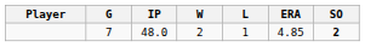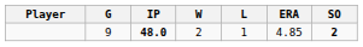 <table class="wikitable sortable">
 <tr>
 <th bgcolor="#DDDDFF" width="16%">Player</th>
 <th bgcolor="#DDDDFF" width="9%">G</th>
 <th bgcolor="#DDDDFF" width="9%">IP</th>
 <th bgcolor="#DDDDFF" width="9%">W</th>
 <th bgcolor="#DDDDFF" width="9%">L</th>
 <th bgcolor="#DDDDFF" width="9%">ERA</th>
 <th bgcolor="#DDDDFF" width="9%">SO</th>
 </tr>
 <tr align="center">
 <td></td>
-<td>7</td>
-<td>48.0</td>
+<td>9</td>
+<td><strong>48.0</strong></td>
 <td>2</td>
 <td>1</td>
 <td>4.85</td>
 <td><strong>2</strong></td>
 </tr>
 </table>
